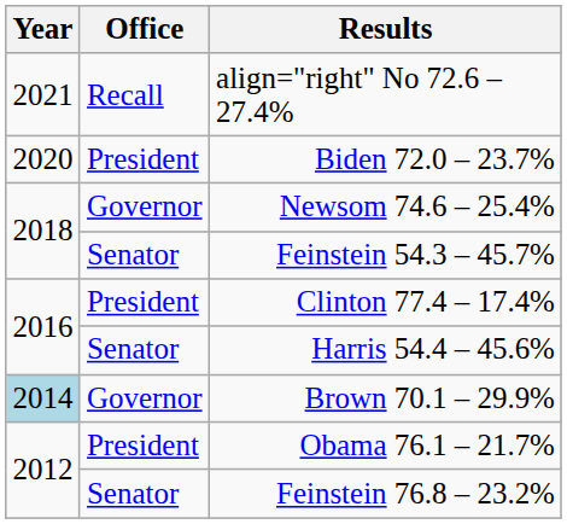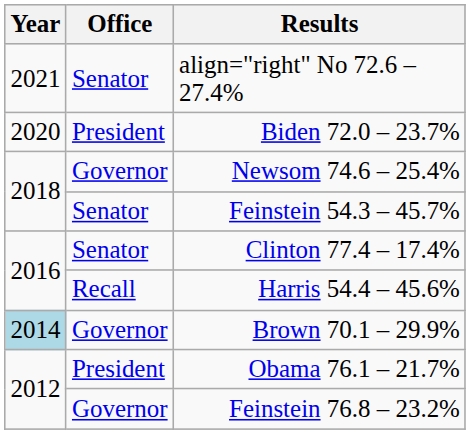 <table class=wikitable>
 <tr>
 <th width="30">Year</th>
 <th width="60">Office</th>
 <th width="180">Results</th>
 </tr>
 <tr>
 <td>2021</td>
-<td><a href='#'>Recall</a></td>
+<td><a href='#'>Senator</a></td>
 <td>align="right"  No 72.6 – 27.4%</td>
 </tr>
 <tr>
 <td rowspan="1">2020</td>
 <td><a href='#'>President</a></td>
 <td align="right" ><a href='#'>Biden</a> 72.0 – 23.7%</td>
 </tr>
 <tr>
 <td rowspan="2">2018</td>
 <td><a href='#'>Governor</a></td>
 <td align="right" ><a href='#'>Newsom</a> 74.6 – 25.4%</td>
 </tr>
 <tr>
 <td><a href='#'>Senator</a></td>
 <td align="right" ><a href='#'>Feinstein</a> 54.3 – 45.7%</td>
 </tr>
 <tr>
 <td rowspan="2">2016</td>
-<td><a href='#'>President</a></td>
+<td><a href='#'>Senator</a></td>
 <td align="right" ><a href='#'>Clinton</a> 77.4 – 17.4%</td>
 </tr>
 <tr>
-<td><a href='#'>Senator</a></td>
+<td><a href='#'>Recall</a></td>
 <td align="right" ><a href='#'>Harris</a> 54.4 – 45.6%</td>
 </tr>
 <tr>
 <td style="background: lightblue;">2014</td>
 <td><a href='#'>Governor</a></td>
 <td align="right" ><a href='#'>Brown</a> 70.1 – 29.9%</td>
 </tr>
 <tr>
 <td rowspan="2">2012</td>
 <td><a href='#'>President</a></td>
 <td align="right" ><a href='#'>Obama</a> 76.1 – 21.7%</td>
 </tr>
 <tr>
-<td><a href='#'>Senator</a></td>
+<td><a href='#'>Governor</a></td>
 <td align="right" ><a href='#'>Feinstein</a> 76.8 – 23.2%</td>
 </tr>
 </table>
